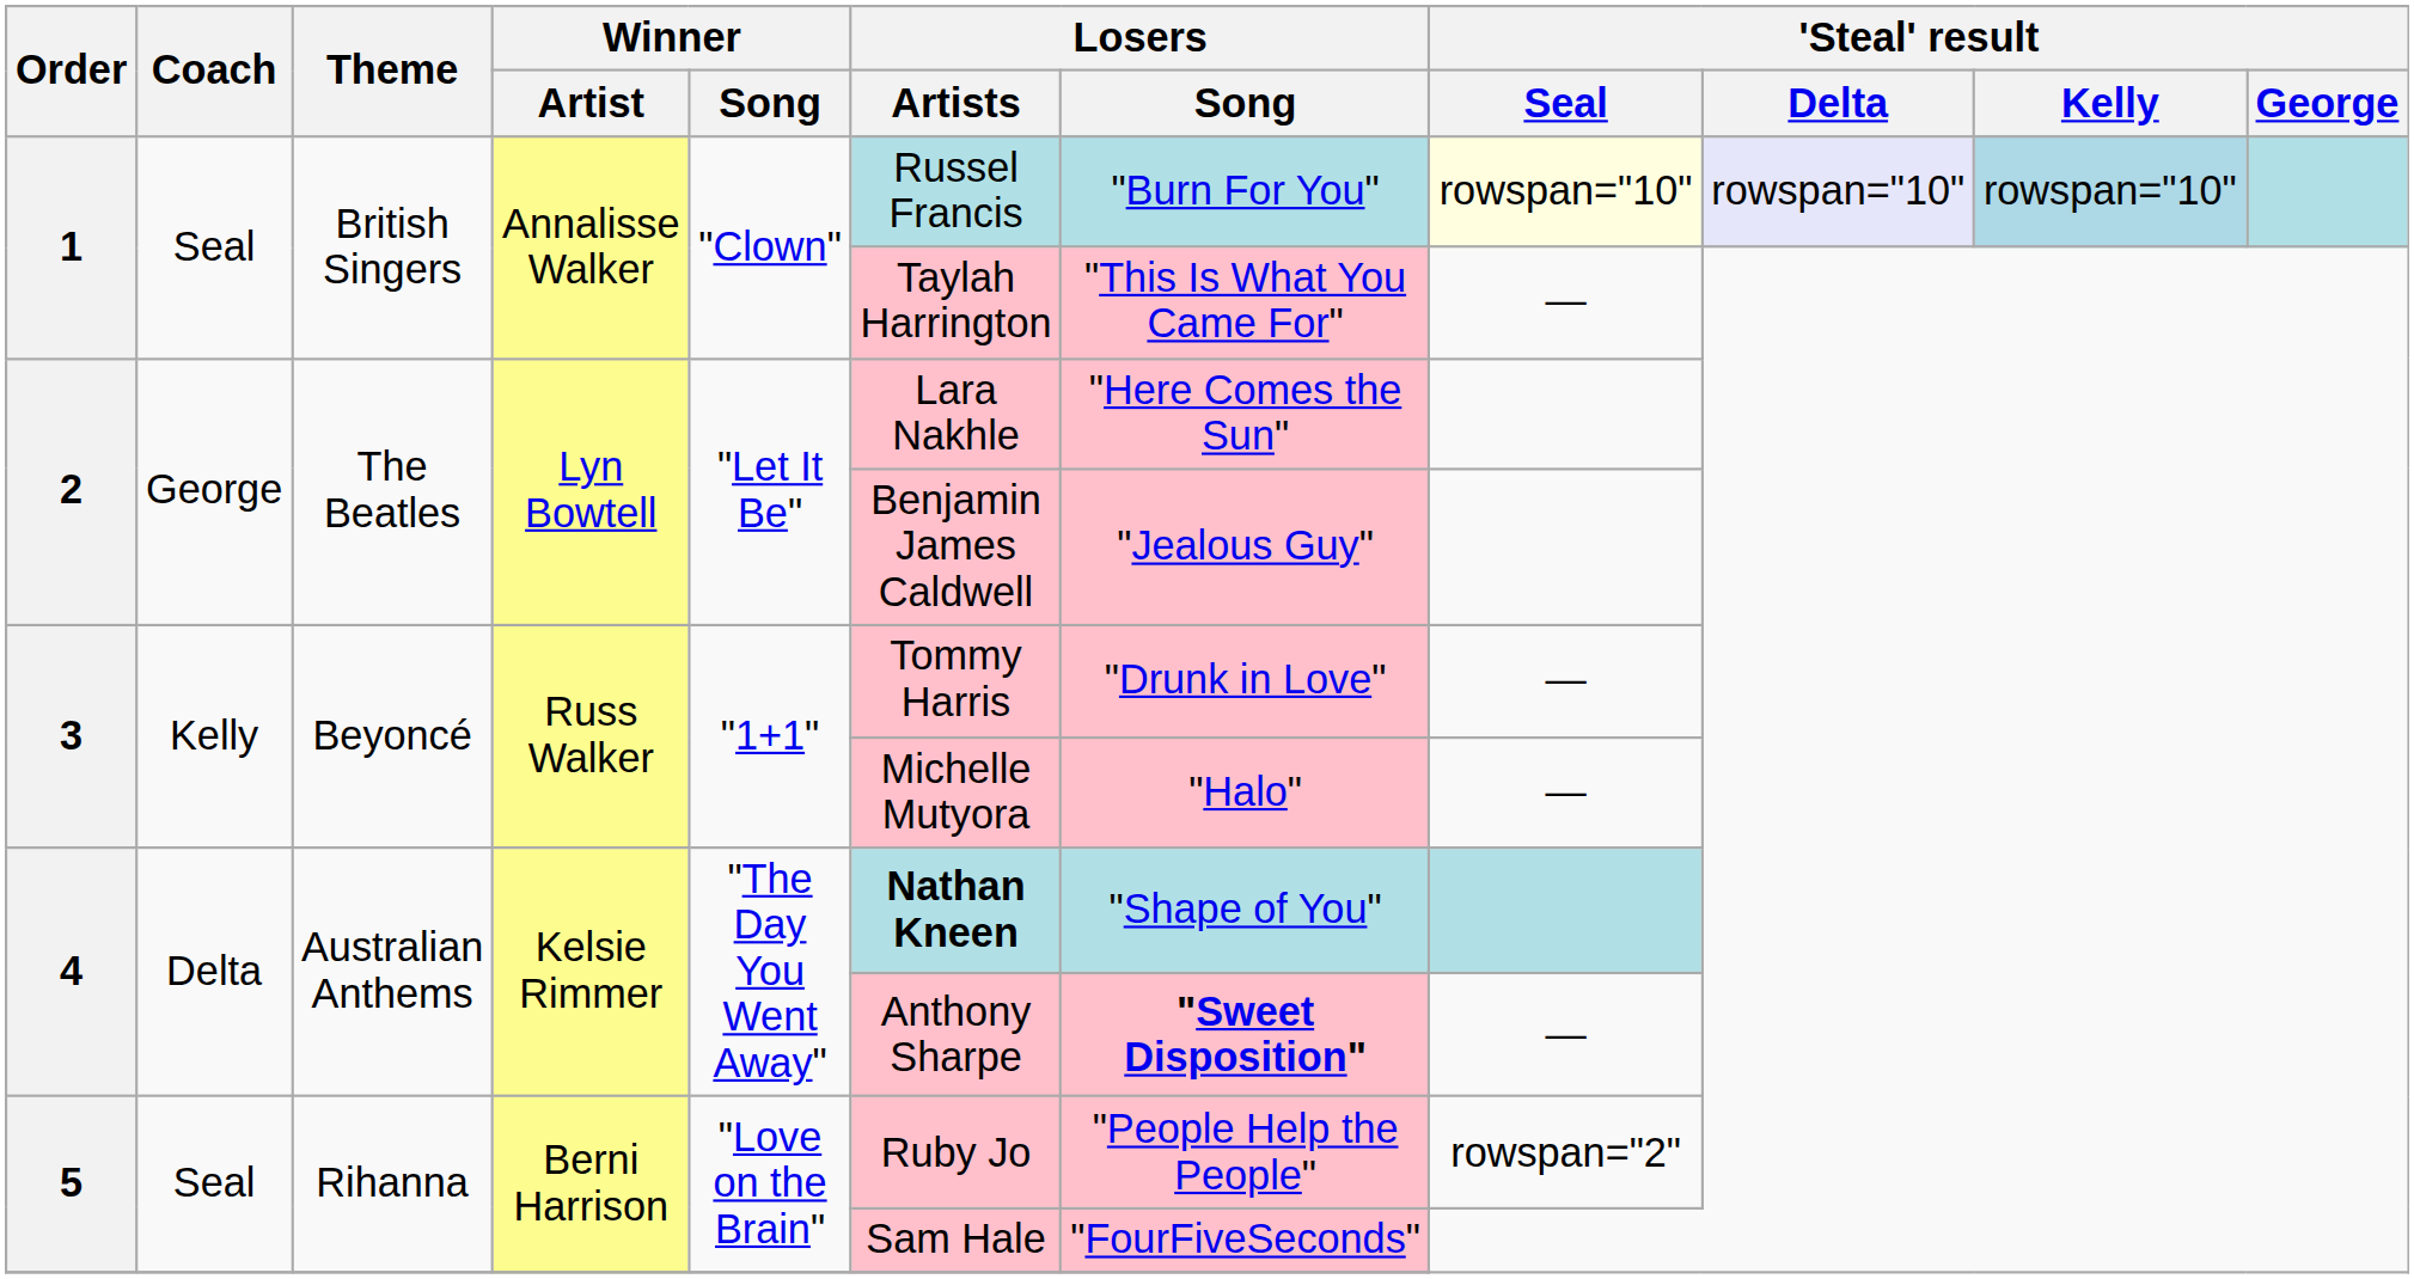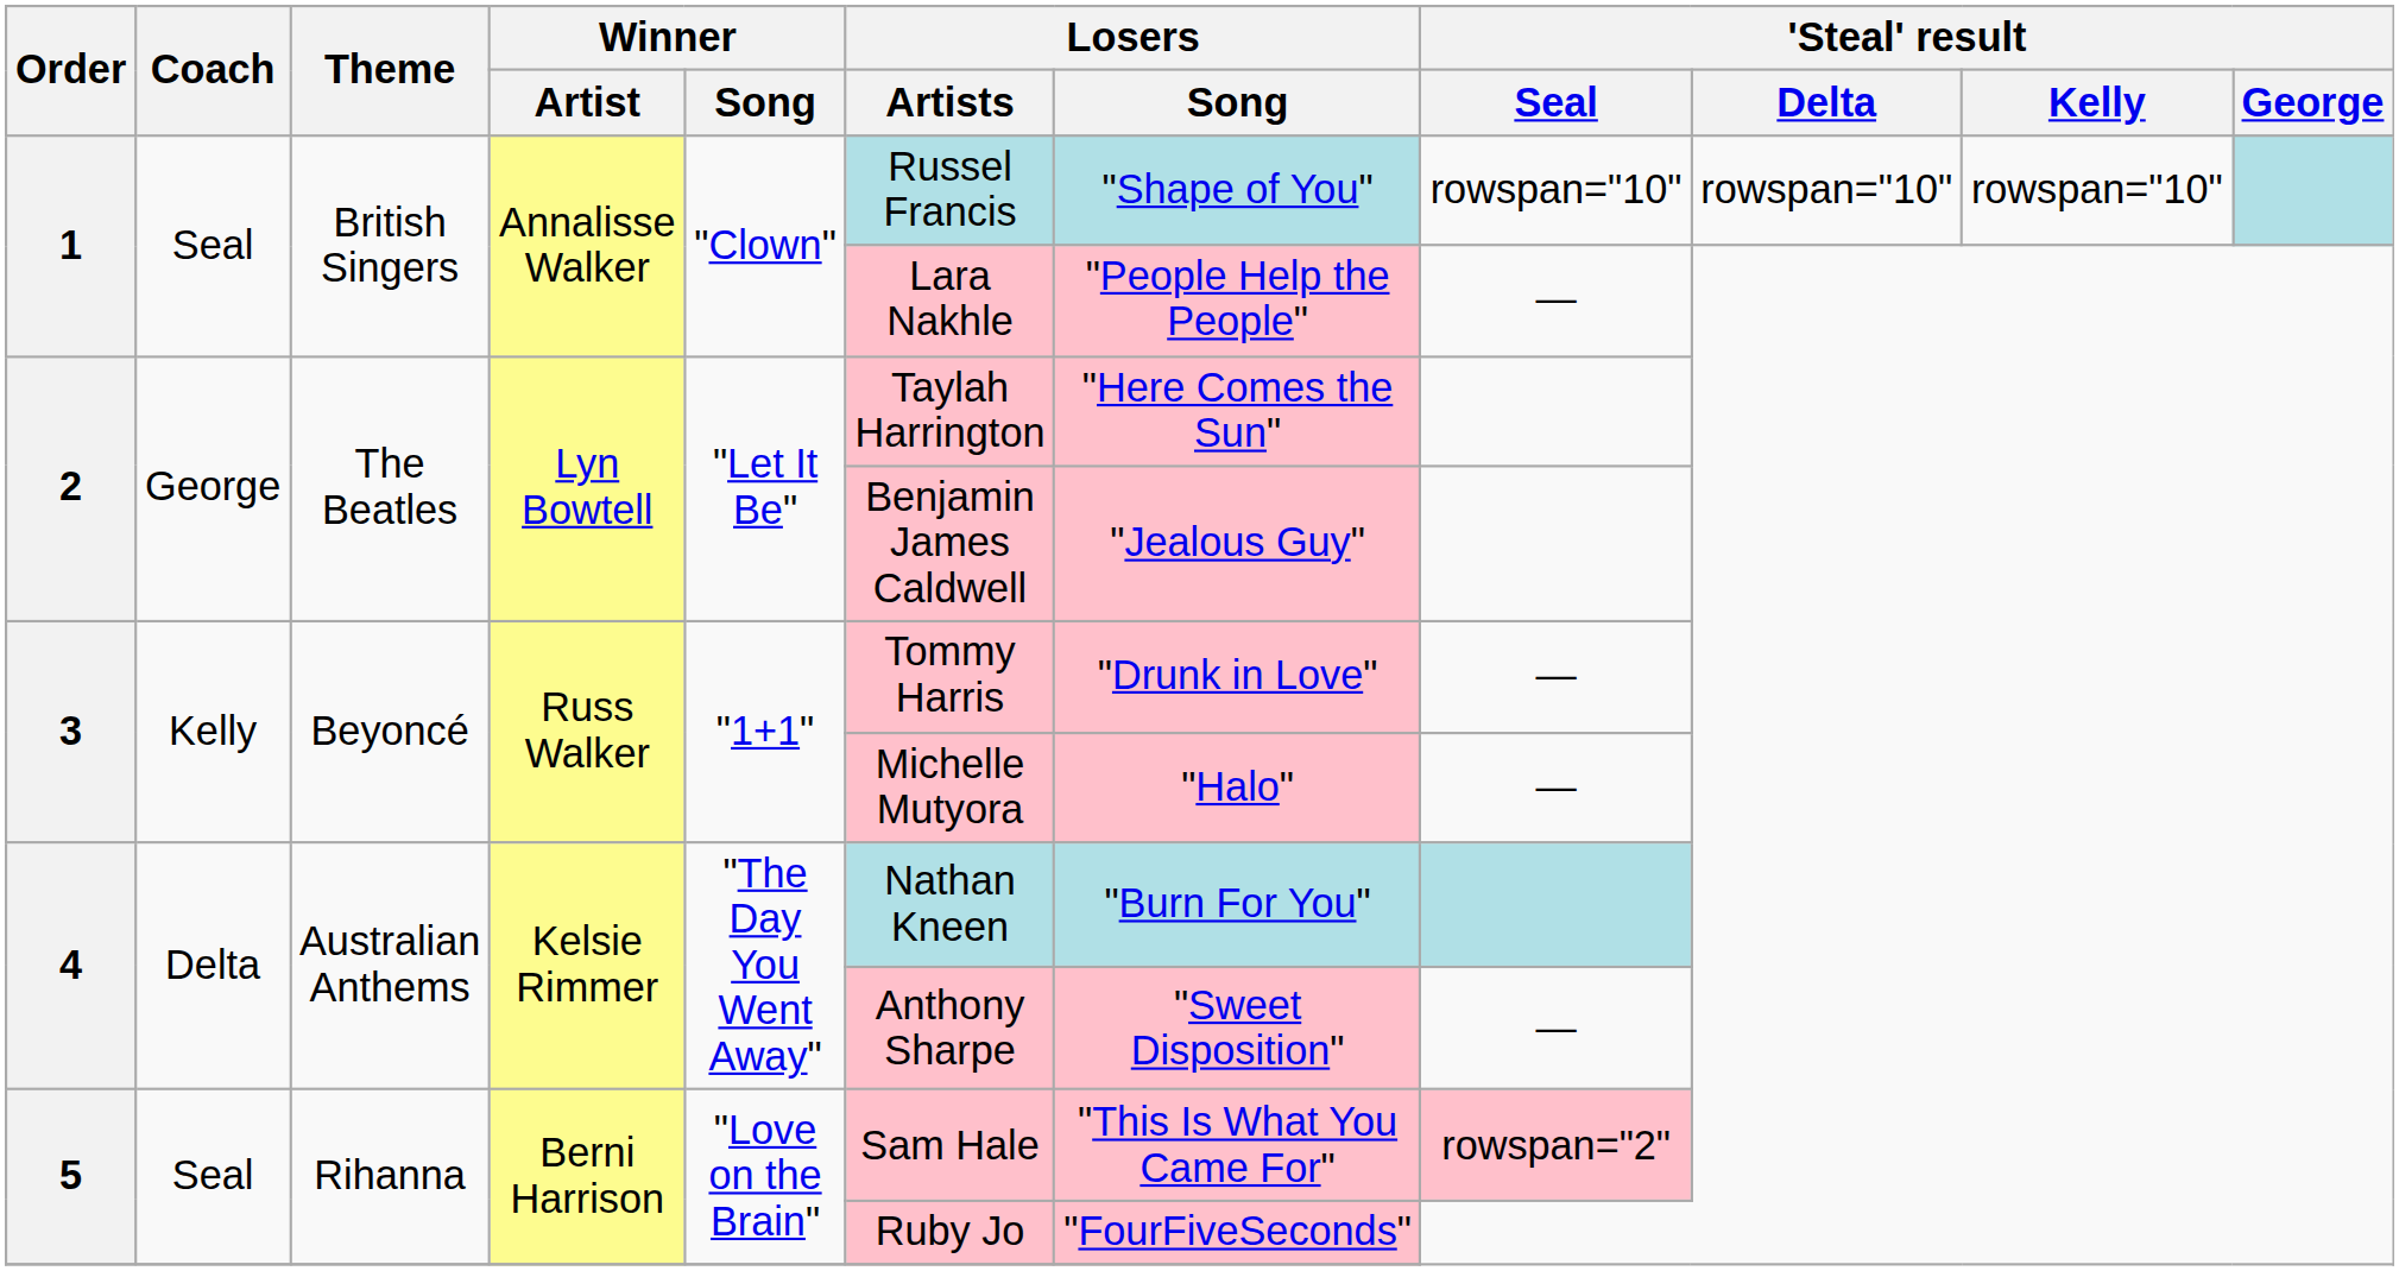 <table class="wikitable" style="text-align: center; width: auto;">
 <tr>
 <th rowspan="2" style="width:5%;">Order</th>
 <th rowspan="2" style="width:10%;">Coach</th>
 <th rowspan="2" style="width:10%;">Theme</th>
 <th colspan="2" style="width:15%;">Winner</th>
 <th colspan="2" style="width:60%;">Losers</th>
 <th colspan="4" style="width:20%;">'Steal' result</th>
 </tr>
 <tr>
 <th style="width:15%;">Artist</th>
 <th style="width:15%;">Song</th>
 <th style="width:15%;">Artists</th>
 <th style="width:15%;">Song</th>
 <th style="width:5%;"><a href='#'>Seal</a></th>
 <th style="width:5%;"><a href='#'>Delta</a></th>
 <th style="width:5%;"><a href='#'>Kelly</a></th>
 <th style="width:5%;"><a href='#'>George</a></th>
 </tr>
 <tr>
 <th rowspan="2">1</th>
 <td rowspan="2">Seal</td>
 <td rowspan="2">British Singers</td>
 <td rowspan="2" bgcolor="#fdfc8f">Annalisse Walker</td>
 <td rowspan="2">"<a href='#'>Clown</a>"</td>
 <td bgcolor="#B0E0E6">Russel Francis</td>
-<td bgcolor="#B0E0E6">"<a href='#'>Burn For You</a>"</td>
-<td style="background: lightyellow;">rowspan="10" </td>
-<td style="background: lavender;">rowspan="10" </td>
-<td style="background: lightblue;">rowspan="10" </td>
+<td bgcolor="#B0E0E6">"<a href='#'>Shape of You</a>"</td>
+<td>rowspan="10" </td>
+<td>rowspan="10" </td>
+<td>rowspan="10" </td>
 <td style="background-color:#B0E0E6;"> <strong></strong> </td>
 </tr>
 <tr>
-<td bgcolor="pink">Taylah Harrington</td>
-<td bgcolor="pink">"<a href='#'>This Is What You Came For</a>"</td>
+<td bgcolor="pink">Lara Nakhle</td>
+<td bgcolor="pink">"<a href='#'>People Help the People</a>"</td>
 <td>—</td>
 </tr>
 <tr>
 <th rowspan="2">2</th>
 <td rowspan="2">George</td>
 <td rowspan="2">The Beatles</td>
 <td rowspan="2" bgcolor="#fdfc8f"><a href='#'>Lyn Bowtell</a></td>
 <td rowspan="2">"<a href='#'>Let It Be</a>"</td>
-<td bgcolor="pink">Lara Nakhle</td>
+<td bgcolor="pink">Taylah Harrington</td>
 <td bgcolor="pink">"<a href='#'>Here Comes the Sun</a>"</td>
 <td></td>
 </tr>
 <tr>
 <td bgcolor="pink">Benjamin James Caldwell</td>
 <td bgcolor="pink">"<a href='#'>Jealous Guy</a>"</td>
 <td></td>
 </tr>
 <tr>
 <th rowspan="2">3</th>
 <td rowspan="2">Kelly</td>
 <td rowspan="2">Beyoncé</td>
 <td rowspan="2" bgcolor="#fdfc8f">Russ Walker</td>
 <td rowspan="2">"<a href='#'>1+1</a>"</td>
 <td bgcolor="pink">Tommy Harris</td>
 <td bgcolor="pink">"<a href='#'>Drunk in Love</a>"</td>
 <td>—</td>
 </tr>
 <tr>
 <td bgcolor="pink">Michelle Mutyora</td>
 <td bgcolor="pink">"<a href='#'>Halo</a>"</td>
 <td>—</td>
 </tr>
 <tr>
 <th rowspan="2">4</th>
 <td rowspan="2">Delta</td>
 <td rowspan="2">Australian Anthems</td>
 <td rowspan="2" bgcolor="#fdfc8f">Kelsie Rimmer</td>
 <td rowspan="2">"<a href='#'>The Day You Went Away</a>"</td>
-<td bgcolor="#B0E0E6"><strong>Nathan Kneen</strong></td>
-<td bgcolor="#B0E0E6">"<a href='#'>Shape of You</a>"</td>
+<td bgcolor="#B0E0E6">Nathan Kneen</td>
+<td bgcolor="#B0E0E6">"<a href='#'>Burn For You</a>"</td>
 <td style="background-color:#B0E0E6;"> <strong></strong> </td>
 </tr>
 <tr>
 <td bgcolor="pink">Anthony Sharpe</td>
-<td bgcolor="pink"><strong>"<a href='#'>Sweet Disposition</a>"</strong></td>
+<td bgcolor="pink">"<a href='#'>Sweet Disposition</a>"</td>
 <td>—</td>
 </tr>
 <tr>
 <th rowspan="2">5</th>
 <td rowspan="2">Seal</td>
 <td rowspan="2">Rihanna</td>
 <td rowspan="2" bgcolor="#fdfc8f">Berni Harrison</td>
 <td rowspan="2">"<a href='#'>Love on the Brain</a>"</td>
-<td bgcolor="pink">Ruby Jo</td>
-<td bgcolor="pink">"<a href='#'>People Help the People</a>"</td>
-<td>rowspan="2" </td>
+<td bgcolor="pink">Sam Hale</td>
+<td bgcolor="pink">"<a href='#'>This Is What You Came For</a>"</td>
+<td style="background: pink;">rowspan="2" </td>
 </tr>
 <tr>
-<td bgcolor="pink">Sam Hale</td>
+<td bgcolor="pink">Ruby Jo</td>
 <td bgcolor="pink">"<a href='#'>FourFiveSeconds</a>"</td>
 </tr>
 <tr>
 </tr>
 </table>
